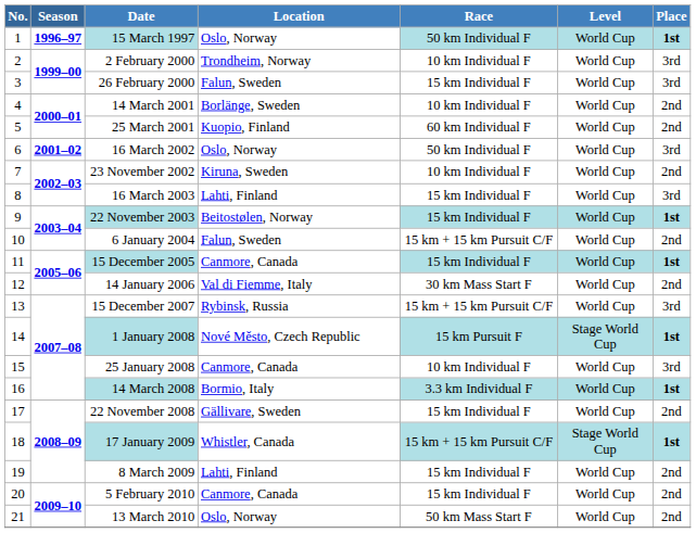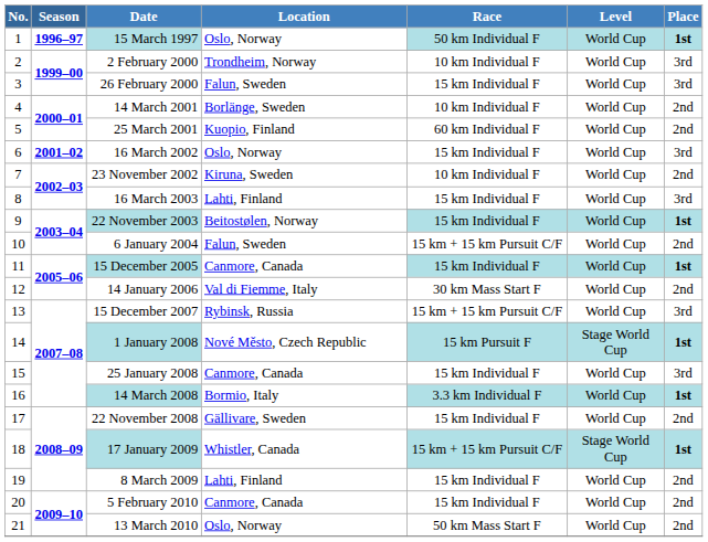 <table class="wikitable sortable" style="font-size:95%; text-align:center; border:grey solid 1px; border-collapse:collapse; background:#ffffff;">
 <tr style="background:#efefef;">
 <th style="background-color:#369; color:white;">No.</th>
 <th style="background-color:#369; color:white;">Season</th>
 <th style="background-color:#4180be; color:white; width:120px;">Date</th>
 <th style="background-color:#4180be; color:white; width:220px;">Location</th>
 <th style="background-color:#4180be; color:white; width:170px;">Race</th>
 <th style="background-color:#4180be; color:white; width:100px;">Level</th>
 <th style="background-color:#4180be; color:white;">Place</th>
 </tr>
 <tr>
 <td align=center>1</td>
 <td rowspan=1 align=center><strong><a href='#'>1996–97</a></strong></td>
 <td bgcolor="#BOEOE6" align=right>15 March 1997</td>
 <td align=left> <a href='#'>Oslo</a>, Norway</td>
 <td bgcolor="#BOEOE6">50 km Individual F</td>
 <td bgcolor="#BOEOE6">World Cup</td>
 <td bgcolor="#BOEOE6"><strong>1st</strong></td>
 </tr>
 <tr>
 <td align=center>2</td>
 <td rowspan=2 align=center><strong><a href='#'>1999–00</a></strong></td>
 <td align=right>2 February 2000</td>
 <td align=left> <a href='#'>Trondheim</a>, Norway</td>
 <td>10 km Individual F</td>
 <td>World Cup</td>
 <td>3rd</td>
 </tr>
 <tr>
 <td align=center>3</td>
 <td align=right>26 February 2000</td>
 <td align=left> <a href='#'>Falun</a>, Sweden</td>
 <td>15 km Individual F</td>
 <td>World Cup</td>
 <td>3rd</td>
 </tr>
 <tr>
 <td align=center>4</td>
 <td rowspan=2 align=center><strong><a href='#'>2000–01</a></strong></td>
 <td align=right>14 March 2001</td>
 <td align=left> <a href='#'>Borlänge</a>, Sweden</td>
 <td>10 km Individual F</td>
 <td>World Cup</td>
 <td>2nd</td>
 </tr>
 <tr>
 <td align=center>5</td>
 <td align=right>25 March 2001</td>
 <td align=left> <a href='#'>Kuopio</a>, Finland</td>
 <td>60 km Individual F</td>
 <td>World Cup</td>
 <td>2nd</td>
 </tr>
 <tr>
 <td align=center>6</td>
 <td rowspan=1 align=center><strong><a href='#'>2001–02</a></strong></td>
 <td align=right>16 March 2002</td>
 <td align=left> <a href='#'>Oslo</a>, Norway</td>
-<td>50 km Individual F</td>
+<td>15 km Individual F</td>
 <td>World Cup</td>
 <td>3rd</td>
 </tr>
 <tr>
 <td align=center>7</td>
 <td rowspan=2 align=center><strong><a href='#'>2002–03</a></strong></td>
 <td align=right>23 November 2002</td>
 <td align=left> <a href='#'>Kiruna</a>, Sweden</td>
 <td>10 km Individual F</td>
 <td>World Cup</td>
 <td>2nd</td>
 </tr>
 <tr>
 <td align=center>8</td>
 <td align=right>16 March 2003</td>
 <td align=left> <a href='#'>Lahti</a>, Finland</td>
 <td>15 km Individual F</td>
 <td>World Cup</td>
 <td>3rd</td>
 </tr>
 <tr>
 <td align=center>9</td>
 <td rowspan=2align=center><strong><a href='#'>2003–04</a></strong></td>
 <td bgcolor="#BOEOE6" align=right>22 November 2003</td>
 <td align=left> <a href='#'>Beitostølen</a>, Norway</td>
 <td bgcolor="#BOEOE6">15 km Individual F</td>
 <td bgcolor="#BOEOE6">World Cup</td>
 <td bgcolor="#BOEOE6"><strong>1st</strong></td>
 </tr>
 <tr>
 <td align=center>10</td>
 <td align=right>6 January 2004</td>
 <td align=left> <a href='#'>Falun</a>, Sweden</td>
 <td>15 km + 15 km Pursuit C/F</td>
 <td>World Cup</td>
 <td>2nd</td>
 </tr>
 <tr>
 <td align=center>11</td>
 <td rowspan=2align=center><strong><a href='#'>2005–06</a></strong></td>
 <td bgcolor="#BOEOE6" align=right>15 December 2005</td>
 <td align=left> <a href='#'>Canmore</a>, Canada</td>
 <td bgcolor="#BOEOE6">15 km Individual F</td>
 <td bgcolor="#BOEOE6">World Cup</td>
 <td bgcolor="#BOEOE6"><strong>1st</strong></td>
 </tr>
 <tr>
 <td align=center>12</td>
 <td align=right>14 January 2006</td>
 <td align=left> <a href='#'>Val di Fiemme</a>, Italy</td>
 <td>30 km Mass Start F</td>
 <td>World Cup</td>
 <td>2nd</td>
 </tr>
 <tr>
 <td align=center>13</td>
 <td rowspan=4 align=center><strong><a href='#'>2007–08</a></strong></td>
 <td align=right>15 December 2007</td>
 <td align=left> <a href='#'>Rybinsk</a>, Russia</td>
 <td>15 km + 15 km Pursuit C/F</td>
 <td>World Cup</td>
 <td>3rd</td>
 </tr>
 <tr>
 <td align=center>14</td>
 <td bgcolor="#BOEOE6" align=right>1 January 2008</td>
 <td align=left> <a href='#'>Nové Město</a>, Czech Republic</td>
 <td bgcolor="#BOEOE6">15 km Pursuit F</td>
 <td bgcolor="#BOEOE6">Stage World Cup</td>
 <td bgcolor="#BOEOE6"><strong>1st</strong></td>
 </tr>
 <tr>
 <td align=center>15</td>
 <td align=right>25 January 2008</td>
 <td align=left> <a href='#'>Canmore</a>, Canada</td>
-<td>10 km Individual F</td>
+<td>15 km Individual F</td>
 <td>World Cup</td>
 <td>3rd</td>
 </tr>
 <tr>
 <td align=center>16</td>
 <td bgcolor="#BOEOE6" align=right>14 March 2008</td>
 <td align=left> <a href='#'>Bormio</a>, Italy</td>
 <td bgcolor="#BOEOE6">3.3 km Individual F</td>
 <td bgcolor="#BOEOE6">World Cup</td>
 <td bgcolor="#BOEOE6"><strong>1st</strong></td>
 </tr>
 <tr>
 <td align=center>17</td>
 <td rowspan=3 align=center><strong><a href='#'>2008–09</a></strong></td>
 <td align=right>22 November 2008</td>
 <td align=left> <a href='#'>Gällivare</a>, Sweden</td>
 <td>15 km Individual F</td>
 <td>World Cup</td>
 <td>2nd</td>
 </tr>
 <tr>
 <td align=center>18</td>
 <td bgcolor="#BOEOE6" align=right>17 January 2009</td>
 <td align=left> <a href='#'>Whistler</a>, Canada</td>
 <td bgcolor="#BOEOE6">15 km + 15 km Pursuit C/F</td>
 <td bgcolor="#BOEOE6">Stage World Cup</td>
 <td bgcolor="#BOEOE6"><strong>1st</strong></td>
 </tr>
 <tr>
 <td align=center>19</td>
 <td align=right>8 March 2009</td>
 <td align=left> <a href='#'>Lahti</a>, Finland</td>
 <td>15 km Individual F</td>
 <td>World Cup</td>
 <td>2nd</td>
 </tr>
 <tr>
 <td align=center>20</td>
 <td rowspan=2 align=center><strong><a href='#'>2009–10</a></strong></td>
 <td align=right>5 February 2010</td>
 <td align=left> <a href='#'>Canmore</a>, Canada</td>
 <td>15 km Individual F</td>
 <td>World Cup</td>
 <td>2nd</td>
 </tr>
 <tr>
 <td align=center>21</td>
 <td align=right>13 March 2010</td>
 <td align=left> <a href='#'>Oslo</a>, Norway</td>
 <td>50 km Mass Start F</td>
 <td>World Cup</td>
 <td>2nd</td>
 </tr>
 <tr>
 </tr>
 </table>
